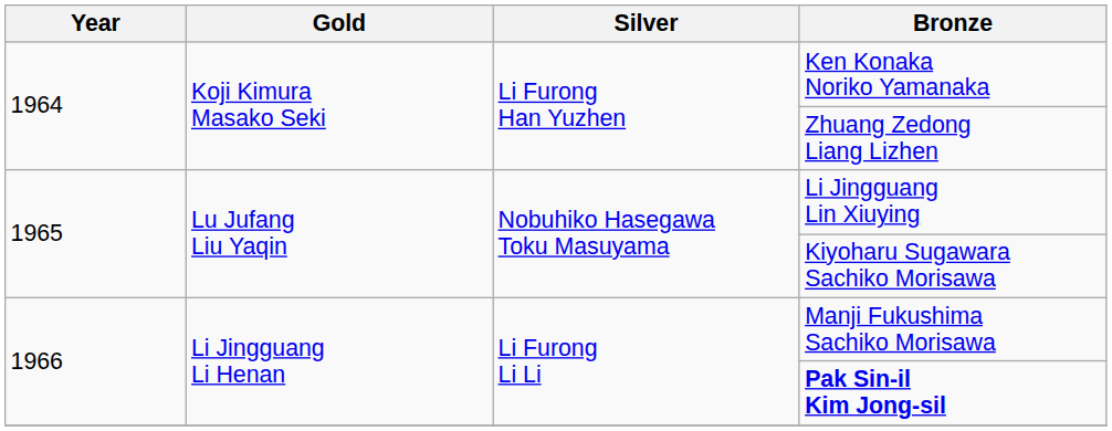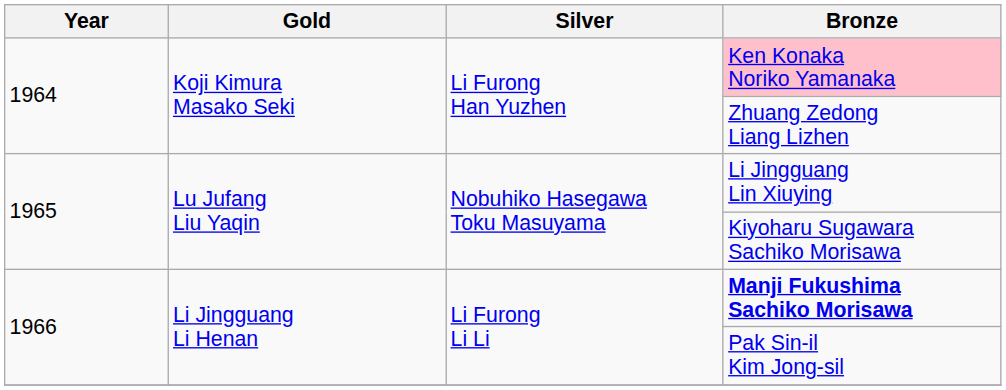 <table class="wikitable" style="text-align: left; width: 750px;">
 <tr>
 <th width="100">Year</th>
 <th width="175">Gold</th>
 <th width="175">Silver</th>
 <th width="175">Bronze</th>
 </tr>
 <tr>
 <td rowspan=2>1964</td>
 <td rowspan=2> <a href='#'>Koji Kimura</a><br> <a href='#'>Masako Seki</a></td>
 <td rowspan=2> <a href='#'>Li Furong</a><br> <a href='#'>Han Yuzhen</a></td>
-<td> <a href='#'>Ken Konaka</a><br> <a href='#'>Noriko Yamanaka</a></td>
+<td style="background: pink;"> <a href='#'>Ken Konaka</a><br> <a href='#'>Noriko Yamanaka</a></td>
 </tr>
 <tr>
 <td> <a href='#'>Zhuang Zedong</a><br> <a href='#'>Liang Lizhen</a></td>
 </tr>
 <tr>
 <td rowspan=2>1965</td>
 <td rowspan=2> <a href='#'>Lu Jufang</a><br> <a href='#'>Liu Yaqin</a></td>
 <td rowspan=2> <a href='#'>Nobuhiko Hasegawa</a><br> <a href='#'>Toku Masuyama</a></td>
 <td> <a href='#'>Li Jingguang</a><br> <a href='#'>Lin Xiuying</a></td>
 </tr>
 <tr>
 <td> <a href='#'>Kiyoharu Sugawara</a><br> <a href='#'>Sachiko Morisawa</a></td>
 </tr>
 <tr>
 <td rowspan=2>1966</td>
 <td rowspan=2> <a href='#'>Li Jingguang</a><br> <a href='#'>Li Henan</a></td>
 <td rowspan=2> <a href='#'>Li Furong</a><br> <a href='#'>Li Li</a></td>
-<td> <a href='#'>Manji Fukushima</a><br> <a href='#'>Sachiko Morisawa</a></td>
+<td><strong> <a href='#'>Manji Fukushima</a><br> <a href='#'>Sachiko Morisawa</a></strong></td>
 </tr>
 <tr>
-<td><strong> <a href='#'>Pak Sin-il</a><br> <a href='#'>Kim Jong-sil</a></strong></td>
+<td> <a href='#'>Pak Sin-il</a><br> <a href='#'>Kim Jong-sil</a></td>
 </tr>
 <tr>
 </tr>
 </table>
